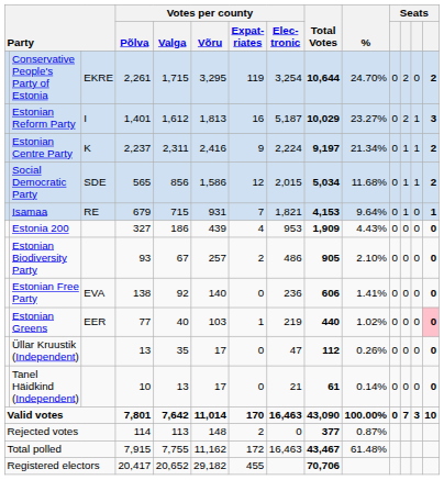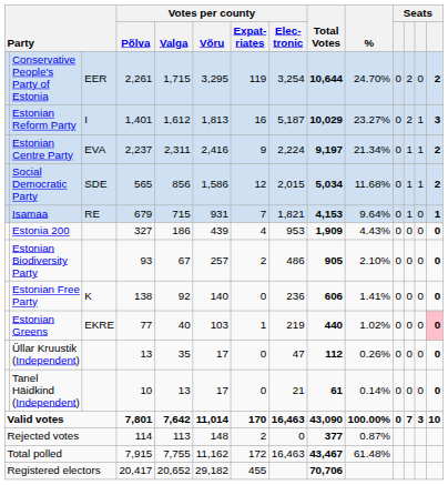 <table class="wikitable" border="1" style="text-align:right;">
 <tr>
 <th style="text-align:left;" valign=bottom rowspan=2 colspan=3>Party</th>
 <th colspan=5>Votes per county</th>
 <th align=center valign=bottom rowspan=2 width="50">Total Votes</th>
 <th align=center valign=bottom rowspan=2 width="50">%</th>
 <th colspan=4>Seats</th>
 </tr>
 <tr>
 <th align=center valign=bottom width="50"><a href='#'>Põlva</a></th>
 <th align=center valign=bottom width="50"><a href='#'>Valga</a></th>
 <th align=center valign=bottom width="50"><a href='#'>Võru</a></th>
 <th align=center valign=bottom width="50"><a href='#'>Expat- riates</a></th>
 <th align=center valign=bottom width="50"><a href='#'>Elec- tronic</a></th>
 <th align=center valign=bottom width="20"><small></small></th>
 <th align=center valign=bottom width="20"><small></small></th>
 <th align=center valign=bottom width="20"><small></small></th>
 <th align=center valign=bottom width="20"><small></small></th>
 </tr>
 <tr style="background:#CEE0F2;">
 <td style="background:"></td>
 <td align=left><a href='#'>Conservative People's Party of Estonia</a></td>
-<td align=left>EKRE</td>
+<td align=left>EER</td>
 <td>2,261</td>
 <td>1,715</td>
 <td>3,295</td>
 <td>119</td>
 <td>3,254</td>
 <td><strong>10,644</strong></td>
 <td>24.70%</td>
 <td>0</td>
 <td>2</td>
 <td>0</td>
 <td><strong>2</strong></td>
 </tr>
 <tr style="background:#CEE0F2;">
 <td style="background:"></td>
 <td align=left><a href='#'>Estonian Reform Party</a></td>
 <td align=left>I</td>
 <td>1,401</td>
 <td>1,612</td>
 <td>1,813</td>
 <td>16</td>
 <td>5,187</td>
 <td><strong>10,029</strong></td>
 <td>23.27%</td>
 <td>0</td>
 <td>2</td>
 <td>1</td>
 <td><strong>3</strong></td>
 </tr>
 <tr style="background:#CEE0F2;">
 <td style="background:"></td>
 <td align=left><a href='#'>Estonian Centre Party</a></td>
-<td align=left>K</td>
+<td align=left>EVA</td>
 <td>2,237</td>
 <td>2,311</td>
 <td>2,416</td>
 <td>9</td>
 <td>2,224</td>
 <td><strong>9,197</strong></td>
 <td>21.34%</td>
 <td>0</td>
 <td>1</td>
 <td>1</td>
 <td><strong>2</strong></td>
 </tr>
 <tr style="background:#CEE0F2;">
 <td style="background:"></td>
 <td align=left><a href='#'>Social Democratic Party</a></td>
 <td align=left>SDE</td>
 <td>565</td>
 <td>856</td>
 <td>1,586</td>
 <td>12</td>
 <td>2,015</td>
 <td><strong>5,034</strong></td>
 <td>11.68%</td>
 <td>0</td>
 <td>1</td>
 <td>1</td>
 <td><strong>2</strong></td>
 </tr>
 <tr style="background:#CEE0F2;">
 <td style="background:"></td>
 <td align=left><a href='#'>Isamaa</a></td>
 <td align=left>RE</td>
 <td>679</td>
 <td>715</td>
 <td>931</td>
 <td>7</td>
 <td>1,821</td>
 <td><strong>4,153</strong></td>
 <td>9.64%</td>
 <td>0</td>
 <td>1</td>
 <td>0</td>
 <td><strong>1</strong></td>
 </tr>
 <tr>
 <td style="background:"></td>
 <td align=left><a href='#'>Estonia 200</a></td>
 <td></td>
 <td>327</td>
 <td>186</td>
 <td>439</td>
 <td>4</td>
 <td>953</td>
 <td><strong>1,909</strong></td>
 <td>4.43%</td>
 <td>0</td>
 <td>0</td>
 <td>0</td>
 <td><strong>0</strong></td>
 </tr>
 <tr>
 <td style="background:"></td>
 <td align=left><a href='#'>Estonian Biodiversity Party</a></td>
 <td></td>
 <td>93</td>
 <td>67</td>
 <td>257</td>
 <td>2</td>
 <td>486</td>
 <td><strong>905</strong></td>
 <td>2.10%</td>
 <td>0</td>
 <td>0</td>
 <td>0</td>
 <td><strong>0</strong></td>
 </tr>
 <tr>
 <td style="background:"></td>
 <td align=left><a href='#'>Estonian Free Party</a></td>
-<td align=left>EVA</td>
+<td align=left>K</td>
 <td>138</td>
 <td>92</td>
 <td>140</td>
 <td>0</td>
 <td>236</td>
 <td><strong>606</strong></td>
 <td>1.41%</td>
 <td>0</td>
 <td>0</td>
 <td>0</td>
 <td><strong>0</strong></td>
 </tr>
 <tr>
 <td style="background:"></td>
 <td align=left><a href='#'>Estonian Greens</a></td>
-<td align=left>EER</td>
+<td align=left>EKRE</td>
 <td>77</td>
 <td>40</td>
 <td>103</td>
 <td>1</td>
 <td>219</td>
 <td><strong>440</strong></td>
 <td>1.02%</td>
 <td>0</td>
 <td>0</td>
 <td>0</td>
 <td style="background: pink;"><strong>0</strong></td>
 </tr>
 <tr>
 <td style="background:"></td>
 <td align=left>Üllar Kruustik (<a href='#'>Independent</a>)</td>
 <td></td>
 <td>13</td>
 <td>35</td>
 <td>17</td>
 <td>0</td>
 <td>47</td>
 <td><strong>112</strong></td>
 <td>0.26%</td>
 <td>0</td>
 <td>0</td>
 <td>0</td>
 <td><strong>0</strong></td>
 </tr>
 <tr>
 <td style="background:"></td>
 <td align=left>Tanel Häidkind (<a href='#'>Independent</a>)</td>
 <td></td>
 <td>10</td>
 <td>13</td>
 <td>17</td>
 <td>0</td>
 <td>21</td>
 <td><strong>61</strong></td>
 <td>0.14%</td>
 <td>0</td>
 <td>0</td>
 <td>0</td>
 <td><strong>0</strong></td>
 </tr>
 <tr style="font-weight:bold">
 <td align=left colspan=3>Valid votes</td>
 <td>7,801</td>
 <td>7,642</td>
 <td>11,014</td>
 <td>170</td>
 <td>16,463</td>
 <td>43,090</td>
 <td>100.00%</td>
 <td>0</td>
 <td>7</td>
 <td>3</td>
 <td>10</td>
 </tr>
 <tr>
 <td align=left colspan=3>Rejected votes</td>
 <td>114</td>
 <td>113</td>
 <td>148</td>
 <td>2</td>
 <td>0</td>
 <td><strong>377</strong></td>
 <td>0.87%</td>
 <td></td>
 <td></td>
 <td></td>
 <td></td>
 </tr>
 <tr>
 <td align=left colspan=3>Total polled</td>
 <td>7,915</td>
 <td>7,755</td>
 <td>11,162</td>
 <td>172</td>
 <td>16,463</td>
 <td><strong>43,467</strong></td>
 <td>61.48%</td>
 <td></td>
 <td></td>
 <td></td>
 <td></td>
 </tr>
 <tr>
 <td align=left colspan=3>Registered electors</td>
 <td>20,417</td>
 <td>20,652</td>
 <td>29,182</td>
 <td>455</td>
 <td></td>
 <td><strong>70,706</strong></td>
 <td></td>
 <td></td>
 <td></td>
 <td></td>
 <td></td>
 </tr>
 </table>
